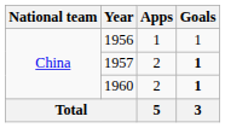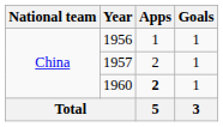 <table class="wikitable" style="text-align:center">
 <tr>
 <th>National team</th>
 <th>Year</th>
 <th>Apps</th>
 <th>Goals</th>
 </tr>
 <tr>
 <td rowspan="3"><a href='#'>China</a></td>
 <td>1956</td>
 <td>1</td>
 <td>1</td>
 </tr>
 <tr>
 <td>1957</td>
 <td>2</td>
-<td><strong>1</strong></td>
+<td>1</td>
 </tr>
 <tr>
 <td>1960</td>
-<td>2</td>
-<td><strong>1</strong></td>
+<td><strong>2</strong></td>
+<td>1</td>
 </tr>
 <tr>
 <th colspan=2>Total</th>
 <th>5</th>
 <th>3</th>
 </tr>
 </table>
